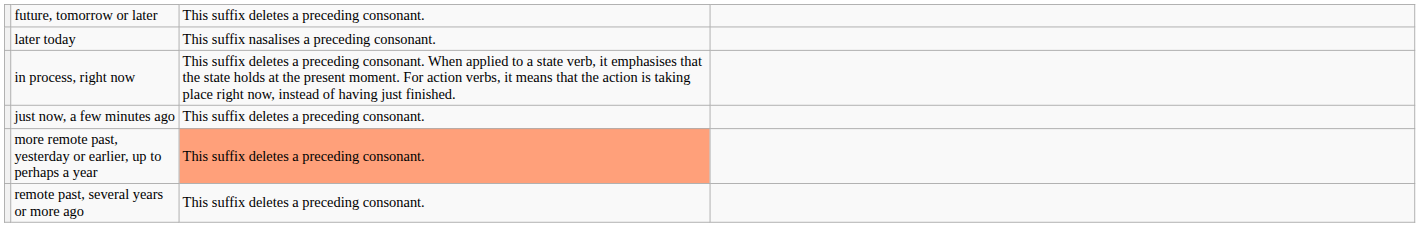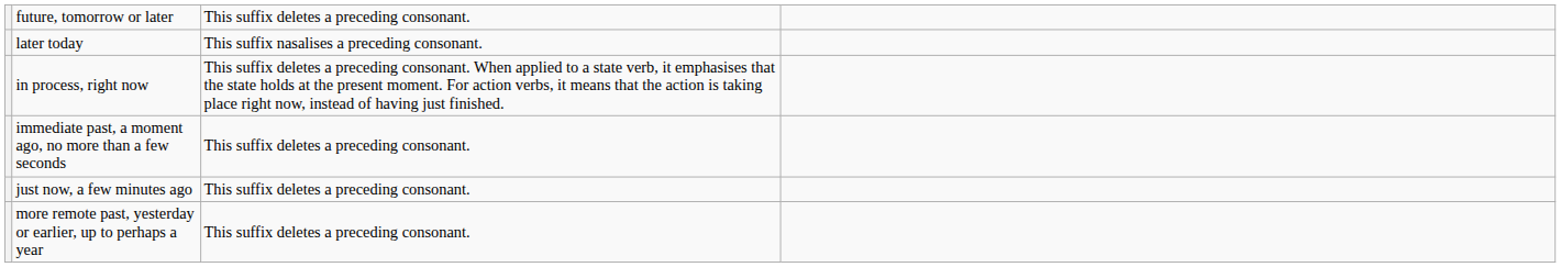 <table class="wikitable">
 <tr>
 <th></th>
 <td>future, tomorrow or later</td>
 <td>This suffix deletes a preceding consonant.</td>
 <td width="50%"></td>
 </tr>
 <tr>
 <th></th>
 <td>later today</td>
 <td>This suffix nasalises a preceding consonant.</td>
 <td></td>
 </tr>
 <tr>
 <th></th>
 <td>in process, right now</td>
 <td>This suffix deletes a preceding consonant. When applied to a state verb, it emphasises that the state holds at the present moment. For action verbs, it means that the action is taking place right now, instead of having just finished.</td>
 <td></td>
 </tr>
 <tr>
 <th></th>
+<td>immediate past, a moment ago, no more than a few seconds</td>
+<td>This suffix deletes a preceding consonant.</td>
+<td></td>
+</tr>
+<tr>
+<th></th>
 <td>just now, a few minutes ago</td>
 <td>This suffix deletes a preceding consonant.</td>
 <td></td>
 </tr>
 <tr>
 <th></th>
 <td>more remote past, yesterday or earlier, up to perhaps a year</td>
-<td style="background: lightsalmon;">This suffix deletes a preceding consonant.</td>
-<td></td>
-</tr>
-<tr>
-<th></th>
-<td>remote past, several years or more ago</td>
 <td>This suffix deletes a preceding consonant.</td>
 <td></td>
 </tr>
 </table>
